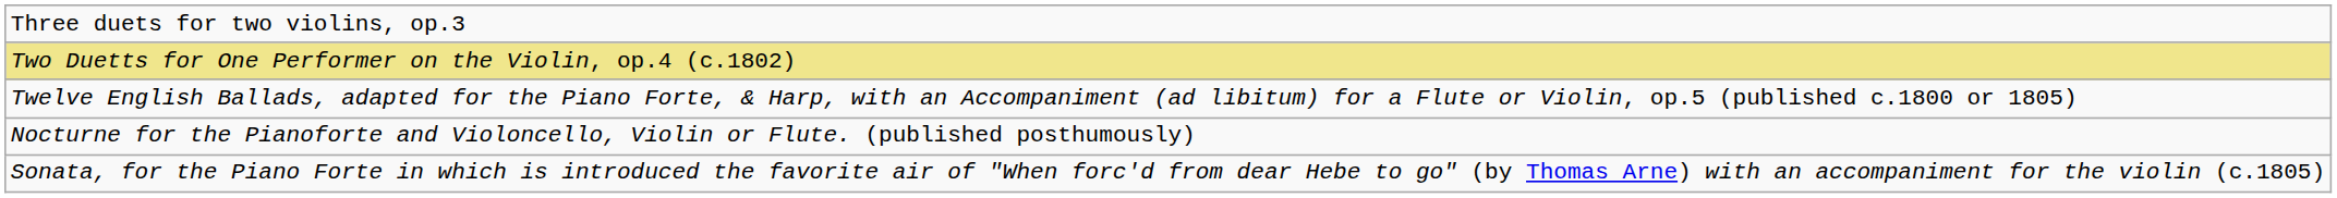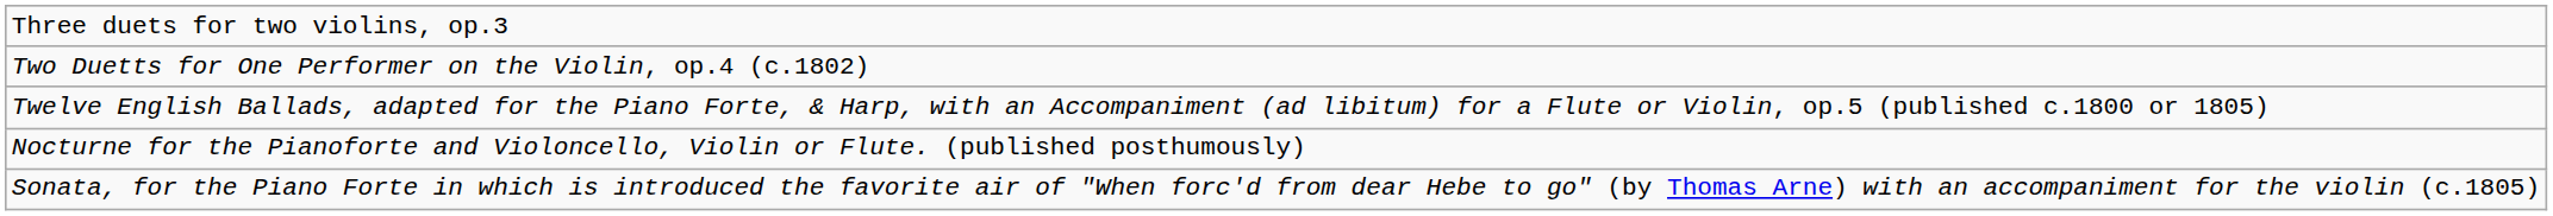 <table class="wikitable">
 <tr>
 <td>Three duets for two violins, op.3</td>
 </tr>
 <tr>
-<td style="background: khaki;"><em>Two Duetts for One Performer on the Violin</em>, op.4 (c.1802)</td>
+<td><em>Two Duetts for One Performer on the Violin</em>, op.4 (c.1802)</td>
 </tr>
 <tr>
 <td><em>Twelve English Ballads, adapted for the Piano Forte, & Harp, with an Accompaniment (ad libitum) for a Flute or Violin</em>, op.5 (published c.1800 or 1805)</td>
 </tr>
 <tr>
 <td><em>Nocturne for the Pianoforte and Violoncello, Violin or Flute.</em> (published posthumously)</td>
 </tr>
 <tr>
 <td><em>Sonata, for the Piano Forte in which is introduced the favorite air of "When forc'd from dear Hebe to go"</em> (by <a href='#'>Thomas Arne</a>) <em>with an accompaniment for the violin</em> (c.1805)</td>
 </tr>
 </table>
